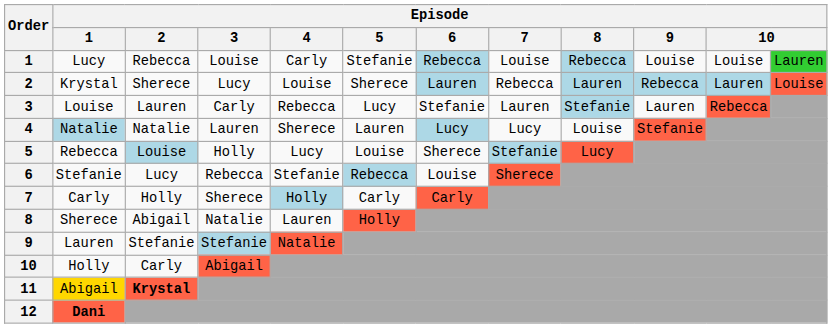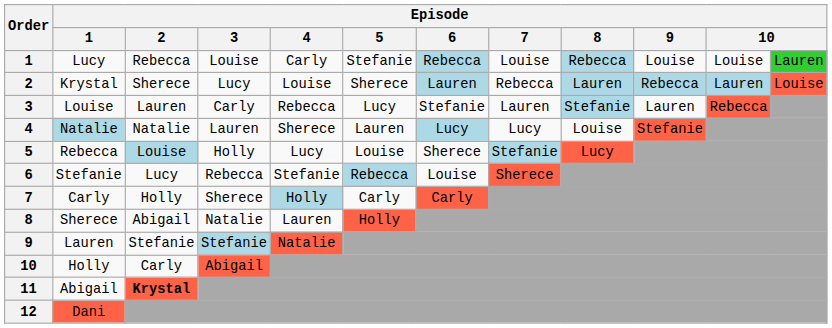 <table class="wikitable" style="text-align:center; font-size:92%">
 <tr>
 <th rowspan=2>Order</th>
 <th colspan=11>Episode</th>
 </tr>
 <tr>
 <th>1</th>
 <th>2</th>
 <th>3</th>
 <th>4</th>
 <th>5</th>
 <th>6</th>
 <th>7</th>
 <th>8</th>
 <th>9</th>
 <th colspan=2>10</th>
 </tr>
 <tr>
 <th>1</th>
 <td>Lucy</td>
 <td>Rebecca</td>
 <td>Louise</td>
 <td>Carly</td>
 <td>Stefanie</td>
 <td bgcolor="lightblue">Rebecca</td>
 <td>Louise</td>
 <td bgcolor="lightblue">Rebecca</td>
 <td>Louise</td>
 <td>Louise</td>
 <td bgcolor="limegreen">Lauren</td>
 </tr>
 <tr>
 <th>2</th>
 <td>Krystal</td>
 <td>Sherece</td>
 <td>Lucy</td>
 <td>Louise</td>
 <td>Sherece</td>
 <td bgcolor="lightblue">Lauren</td>
 <td>Rebecca</td>
 <td bgcolor="lightblue">Lauren</td>
 <td bgcolor="lightblue">Rebecca</td>
 <td bgcolor="lightblue">Lauren</td>
 <td bgcolor="tomato">Louise</td>
 </tr>
 <tr>
 <th>3</th>
 <td>Louise</td>
 <td>Lauren</td>
 <td>Carly</td>
 <td>Rebecca</td>
 <td>Lucy</td>
 <td>Stefanie</td>
 <td>Lauren</td>
 <td bgcolor="lightblue">Stefanie</td>
 <td>Lauren</td>
 <td bgcolor="tomato">Rebecca</td>
 <td bgcolor="darkgray"></td>
 </tr>
 <tr>
 <th>4</th>
 <td bgcolor="lightblue">Natalie</td>
 <td>Natalie</td>
 <td>Lauren</td>
 <td>Sherece</td>
 <td>Lauren</td>
 <td bgcolor="lightblue">Lucy</td>
 <td>Lucy</td>
 <td>Louise</td>
 <td bgcolor="tomato">Stefanie</td>
 <td bgcolor="darkgray" colspan=2></td>
 </tr>
 <tr>
 <th>5</th>
 <td>Rebecca</td>
 <td bgcolor="lightblue">Louise</td>
 <td>Holly</td>
 <td>Lucy</td>
 <td>Louise</td>
 <td>Sherece</td>
 <td bgcolor="lightblue">Stefanie</td>
 <td bgcolor="tomato">Lucy</td>
 <td bgcolor="darkgray" colspan=3></td>
 </tr>
 <tr>
 <th>6</th>
 <td>Stefanie</td>
 <td>Lucy</td>
 <td>Rebecca</td>
 <td>Stefanie</td>
 <td bgcolor="lightblue">Rebecca</td>
 <td>Louise</td>
 <td bgcolor="tomato">Sherece</td>
 <td bgcolor="darkgray" colspan=4></td>
 </tr>
 <tr>
 <th>7</th>
 <td>Carly</td>
 <td>Holly</td>
 <td>Sherece</td>
 <td bgcolor="lightblue">Holly</td>
 <td>Carly</td>
 <td bgcolor="tomato">Carly</td>
 <td bgcolor="darkgray" colspan=5></td>
 </tr>
 <tr>
 <th>8</th>
 <td>Sherece</td>
 <td>Abigail</td>
 <td>Natalie</td>
 <td>Lauren</td>
 <td bgcolor="tomato">Holly</td>
 <td bgcolor="darkgray" colspan=6></td>
 </tr>
 <tr>
 <th>9</th>
 <td>Lauren</td>
 <td>Stefanie</td>
 <td bgcolor="lightblue">Stefanie</td>
 <td bgcolor="tomato">Natalie</td>
 <td bgcolor="darkgray" colspan=7></td>
 </tr>
 <tr>
 <th>10</th>
 <td>Holly</td>
 <td>Carly</td>
 <td bgcolor="tomato">Abigail</td>
 <td bgcolor="darkgray" colspan=8></td>
 </tr>
 <tr>
 <th>11</th>
-<td style="background: gold;">Abigail</td>
+<td>Abigail</td>
 <td bgcolor="tomato"><strong>Krystal</strong></td>
 <td bgcolor="darkgray" colspan=9></td>
 </tr>
 <tr>
 <th>12</th>
-<td bgcolor="tomato"><strong>Dani</strong></td>
+<td bgcolor="tomato">Dani</td>
 <td bgcolor="darkgray" colspan=10></td>
 </tr>
 </table>
